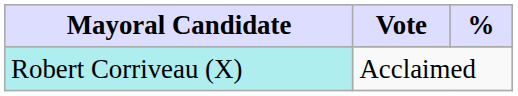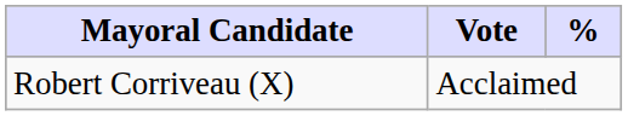 <table class="wikitable">
 <tr>
 <th style="background:#ddf; width:200px;">Mayoral Candidate </th>
 <th style="background:#ddf; width:50px;">Vote</th>
 <th style="background:#ddf; width:30px;">%</th>
 </tr>
 <tr>
-<td style="background: paleturquoise;">Robert Corriveau (X)</td>
+<td>Robert Corriveau (X)</td>
 <td colspan="2">Acclaimed</td>
 </tr>
 </table>
